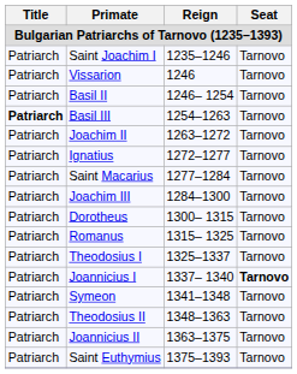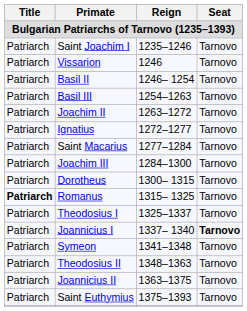 <table class="wikitable" style="border:1px solid #8888aa; background-color:#f7f8ff; padding:2px; font-size:100%;">
 <tr bgcolor="#CCCCCC" align="center">
 <th>Title</th>
 <th>Primate</th>
 <th>Reign</th>
 <th>Seat</th>
 </tr>
 <tr bgcolor="#DDDDDD" align="center">
 <td colspan=6><strong>Bulgarian Patriarchs of Tarnovo (1235–1393)</strong></td>
 </tr>
 <tr>
 <td>Patriarch</td>
 <td>Saint <a href='#'>Joachim I</a></td>
 <td>1235–1246</td>
 <td>Tarnovo</td>
 </tr>
 <tr>
 <td>Patriarch</td>
 <td><a href='#'>Vissarion</a></td>
 <td> 1246</td>
 <td>Tarnovo</td>
 </tr>
 <tr>
 <td>Patriarch</td>
 <td><a href='#'>Basil II</a></td>
 <td>1246– 1254</td>
 <td>Tarnovo</td>
 </tr>
 <tr>
-<td><strong>Patriarch</strong></td>
+<td>Patriarch</td>
 <td><a href='#'>Basil III</a></td>
 <td> 1254–1263</td>
 <td>Tarnovo</td>
 </tr>
 <tr>
 <td>Patriarch</td>
 <td><a href='#'>Joachim II</a></td>
 <td>1263–1272</td>
 <td>Tarnovo</td>
 </tr>
 <tr>
 <td>Patriarch</td>
 <td><a href='#'>Ignatius</a></td>
 <td>1272–1277</td>
 <td>Tarnovo</td>
 </tr>
 <tr>
 <td>Patriarch</td>
 <td>Saint <a href='#'>Macarius</a></td>
 <td>1277–1284</td>
 <td>Tarnovo</td>
 </tr>
 <tr>
 <td>Patriarch</td>
 <td><a href='#'>Joachim III</a></td>
 <td>1284–1300</td>
 <td>Tarnovo</td>
 </tr>
 <tr>
 <td>Patriarch</td>
 <td><a href='#'>Dorotheus</a></td>
 <td>1300– 1315</td>
 <td>Tarnovo</td>
 </tr>
 <tr>
-<td>Patriarch</td>
+<td><strong>Patriarch</strong></td>
 <td><a href='#'>Romanus</a></td>
 <td> 1315– 1325</td>
 <td>Tarnovo</td>
 </tr>
 <tr>
 <td>Patriarch</td>
 <td><a href='#'>Theodosius I</a></td>
 <td> 1325–1337</td>
 <td>Tarnovo</td>
 </tr>
 <tr>
 <td>Patriarch</td>
 <td><a href='#'>Joannicius I</a></td>
 <td>1337– 1340</td>
 <td><strong>Tarnovo</strong></td>
 </tr>
 <tr>
 <td>Patriarch</td>
 <td><a href='#'>Symeon</a></td>
 <td> 1341–1348</td>
 <td>Tarnovo</td>
 </tr>
 <tr>
 <td>Patriarch</td>
 <td><a href='#'>Theodosius II</a></td>
 <td>1348–1363</td>
 <td>Tarnovo</td>
 </tr>
 <tr>
 <td>Patriarch</td>
 <td><a href='#'>Joannicius II</a></td>
 <td>1363–1375</td>
 <td>Tarnovo</td>
 </tr>
 <tr>
 <td>Patriarch</td>
 <td>Saint <a href='#'>Euthymius</a></td>
 <td>1375–1393</td>
 <td>Tarnovo</td>
 </tr>
 <tr>
 </tr>
 </table>
